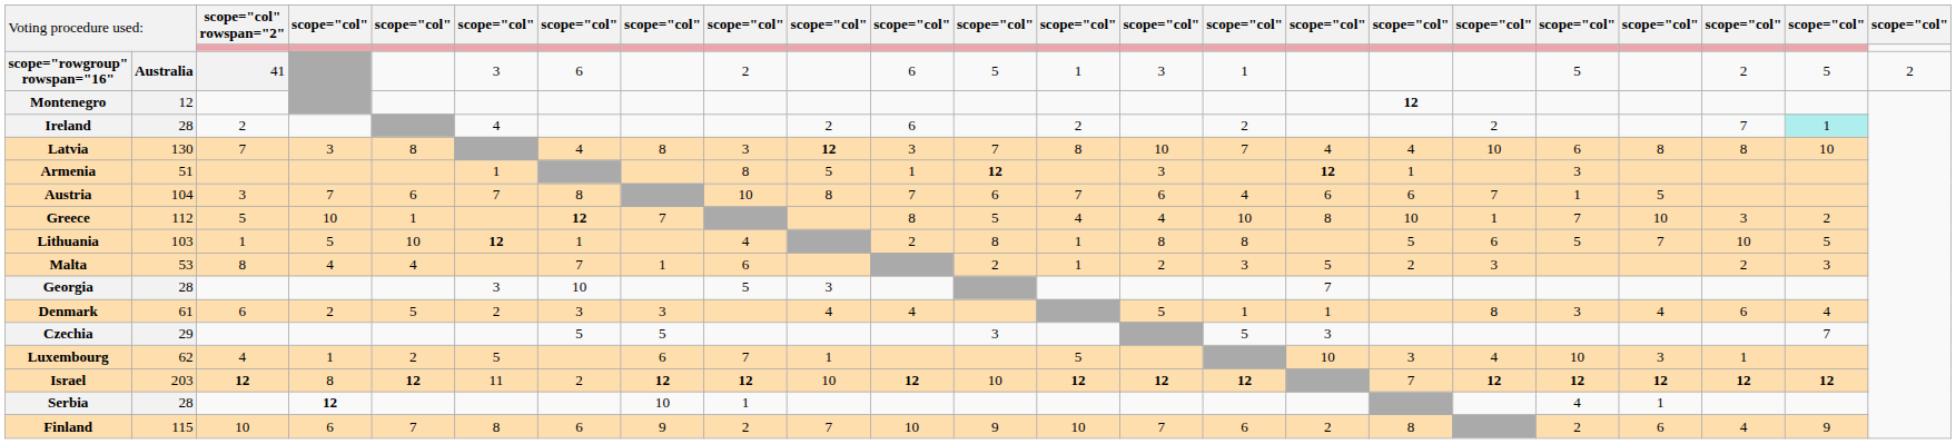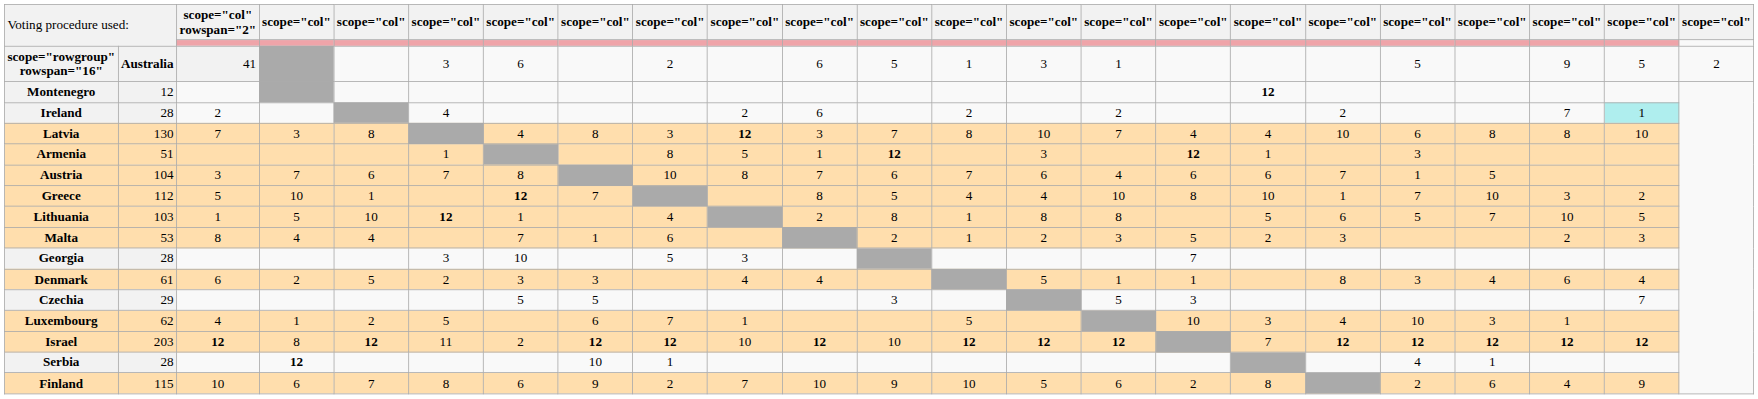 <table class="wikitable plainrowheaders" style="text-align: center;">
 <tr>
 <td colspan="2" rowspan="2" style="text-align: left; background: #F2F2F2;">Voting procedure used:<br></td>
 <th>scope="col" rowspan="2" </th>
 <th>scope="col" </th>
 <th>scope="col" </th>
 <th>scope="col" </th>
 <th>scope="col" </th>
 <th>scope="col" </th>
 <th>scope="col" </th>
 <th>scope="col" </th>
 <th>scope="col" </th>
 <th>scope="col" </th>
 <th>scope="col" </th>
 <th>scope="col" </th>
 <th>scope="col" </th>
 <th>scope="col" </th>
 <th>scope="col" </th>
 <th>scope="col" </th>
 <th>scope="col" </th>
 <th>scope="col" </th>
 <th>scope="col" </th>
 <th>scope="col" </th>
 <th>scope="col" </th>
 </tr>
 <tr>
 <td style="background: #EFA4A9;"></td>
 <td style="background: #EFA4A9;"></td>
 <td style="background: #EFA4A9;"></td>
 <td style="background: #EFA4A9;"></td>
 <td style="background: #EFA4A9;"></td>
 <td style="background: #EFA4A9;"></td>
 <td style="background: #EFA4A9;"></td>
 <td style="background: #EFA4A9;"></td>
 <td style="background: #EFA4A9;"></td>
 <td style="background: #EFA4A9;"></td>
 <td style="background: #EFA4A9;"></td>
 <td style="background: #EFA4A9;"></td>
 <td style="background: #EFA4A9;"></td>
 <td style="background: #EFA4A9;"></td>
 <td style="background: #EFA4A9;"></td>
 <td style="background: #EFA4A9;"></td>
 <td style="background: #EFA4A9;"></td>
 <td style="background: #EFA4A9;"></td>
 <td style="background: #EFA4A9;"></td>
 <td style="background: #EFA4A9;"></td>
 </tr>
 <tr>
 <th>scope="rowgroup" rowspan="16" </th>
 <th scope="row" style="background: #f2f2f2;">Australia</th>
 <td style="text-align: right; background: #f2f2f2;">41</td>
 <td style="background: #aaa;"></td>
 <td></td>
 <td>3</td>
 <td>6</td>
 <td></td>
 <td>2</td>
 <td></td>
 <td>6</td>
 <td>5</td>
 <td>1</td>
 <td>3</td>
 <td>1</td>
 <td></td>
 <td></td>
 <td></td>
 <td>5</td>
 <td></td>
-<td>2</td>
+<td>9</td>
 <td>5</td>
 <td>2</td>
 </tr>
 <tr>
 <th scope="row" style="background: #f2f2f2;">Montenegro</th>
 <td style="text-align: right; background: #f2f2f2;">12</td>
 <td></td>
 <td style="background: #aaa;"></td>
 <td></td>
 <td></td>
 <td></td>
 <td></td>
 <td></td>
 <td></td>
 <td></td>
 <td></td>
 <td></td>
 <td></td>
 <td></td>
 <td></td>
 <td><strong>12</strong></td>
 <td></td>
 <td></td>
 <td></td>
 <td></td>
 <td></td>
 </tr>
 <tr>
 <th scope="row" style="background: #f2f2f2;">Ireland</th>
 <td style="text-align: right; background: #f2f2f2;">28</td>
 <td>2</td>
 <td></td>
 <td style="background: #aaa;"></td>
 <td>4</td>
 <td></td>
 <td></td>
 <td></td>
 <td>2</td>
 <td>6</td>
 <td></td>
 <td>2</td>
 <td></td>
 <td>2</td>
 <td></td>
 <td></td>
 <td>2</td>
 <td></td>
 <td></td>
 <td>7</td>
 <td style="background: paleturquoise;">1</td>
 </tr>
 <tr style="background:#ffdead;">
 <th scope="row" style="background:#ffdead;">Latvia</th>
 <td style="text-align: right;">130</td>
 <td>7</td>
 <td>3</td>
 <td>8</td>
 <td style="background: #aaa;"></td>
 <td>4</td>
 <td>8</td>
 <td>3</td>
 <td><strong>12</strong></td>
 <td>3</td>
 <td>7</td>
 <td>8</td>
 <td>10</td>
 <td>7</td>
 <td>4</td>
 <td>4</td>
 <td>10</td>
 <td>6</td>
 <td>8</td>
 <td>8</td>
 <td>10</td>
 </tr>
 <tr style="background:#ffdead;">
 <th scope="row" style="background:#ffdead;">Armenia</th>
 <td style="text-align: right;">51</td>
 <td></td>
 <td></td>
 <td></td>
 <td>1</td>
 <td style="background: #aaa;"></td>
 <td></td>
 <td>8</td>
 <td>5</td>
 <td>1</td>
 <td><strong>12</strong></td>
 <td></td>
 <td>3</td>
 <td></td>
 <td><strong>12</strong></td>
 <td>1</td>
 <td></td>
 <td>3</td>
 <td></td>
 <td></td>
 <td></td>
 </tr>
 <tr style="background:#ffdead;">
 <th scope="row" style="background:#ffdead;">Austria</th>
 <td style="text-align: right;">104</td>
 <td>3</td>
 <td>7</td>
 <td>6</td>
 <td>7</td>
 <td>8</td>
 <td style="background: #aaa;"></td>
 <td>10</td>
 <td>8</td>
 <td>7</td>
 <td>6</td>
 <td>7</td>
 <td>6</td>
 <td>4</td>
 <td>6</td>
 <td>6</td>
 <td>7</td>
 <td>1</td>
 <td>5</td>
 <td></td>
 <td></td>
 </tr>
 <tr style="background:#ffdead;">
 <th scope="row" style="background:#ffdead;">Greece</th>
 <td style="text-align: right;">112</td>
 <td>5</td>
 <td>10</td>
 <td>1</td>
 <td></td>
 <td><strong>12</strong></td>
 <td>7</td>
 <td style="background: #aaa;"></td>
 <td></td>
 <td>8</td>
 <td>5</td>
 <td>4</td>
 <td>4</td>
 <td>10</td>
 <td>8</td>
 <td>10</td>
 <td>1</td>
 <td>7</td>
 <td>10</td>
 <td>3</td>
 <td>2</td>
 </tr>
 <tr style="background:#ffdead;">
 <th scope="row" style="background:#ffdead;">Lithuania</th>
 <td style="text-align: right;">103</td>
 <td>1</td>
 <td>5</td>
 <td>10</td>
 <td><strong>12</strong></td>
 <td>1</td>
 <td></td>
 <td>4</td>
 <td style="background: #aaa;"></td>
 <td>2</td>
 <td>8</td>
 <td>1</td>
 <td>8</td>
 <td>8</td>
 <td></td>
 <td>5</td>
 <td>6</td>
 <td>5</td>
 <td>7</td>
 <td>10</td>
 <td>5</td>
 </tr>
 <tr style="background:#ffdead;">
 <th scope="row" style="background:#ffdead;">Malta</th>
 <td style="text-align: right;">53</td>
 <td>8</td>
 <td>4</td>
 <td>4</td>
 <td></td>
 <td>7</td>
 <td>1</td>
 <td>6</td>
 <td></td>
 <td style="background: #aaa;"></td>
 <td>2</td>
 <td>1</td>
 <td>2</td>
 <td>3</td>
 <td>5</td>
 <td>2</td>
 <td>3</td>
 <td></td>
 <td></td>
 <td>2</td>
 <td>3</td>
 </tr>
 <tr>
 <th scope="row" style="background: #f2f2f2;">Georgia</th>
 <td style="text-align: right; background: #f2f2f2;">28</td>
 <td></td>
 <td></td>
 <td></td>
 <td>3</td>
 <td>10</td>
 <td></td>
 <td>5</td>
 <td>3</td>
 <td></td>
 <td style="background: #aaa;"></td>
 <td></td>
 <td></td>
 <td></td>
 <td>7</td>
 <td></td>
 <td></td>
 <td></td>
 <td></td>
 <td></td>
 <td></td>
 </tr>
 <tr style="background:#ffdead;">
 <th scope="row" style="background:#ffdead;">Denmark</th>
 <td style="text-align: right;">61</td>
 <td>6</td>
 <td>2</td>
 <td>5</td>
 <td>2</td>
 <td>3</td>
 <td>3</td>
 <td></td>
 <td>4</td>
 <td>4</td>
 <td></td>
 <td style="background: #aaa;"></td>
 <td>5</td>
 <td>1</td>
 <td>1</td>
 <td></td>
 <td>8</td>
 <td>3</td>
 <td>4</td>
 <td>6</td>
 <td>4</td>
 </tr>
 <tr>
 <th scope="row" style="background: #f2f2f2;">Czechia</th>
 <td style="text-align: right; background: #f2f2f2;">29</td>
 <td></td>
 <td></td>
 <td></td>
 <td></td>
 <td>5</td>
 <td>5</td>
 <td></td>
 <td></td>
 <td></td>
 <td>3</td>
 <td></td>
 <td style="background: #aaa;"></td>
 <td>5</td>
 <td>3</td>
 <td></td>
 <td></td>
 <td></td>
 <td></td>
 <td></td>
 <td>7</td>
 </tr>
 <tr style="background:#ffdead;">
 <th scope="row" style="background:#ffdead;">Luxembourg</th>
 <td style="text-align: right;">62</td>
 <td>4</td>
 <td>1</td>
 <td>2</td>
 <td>5</td>
 <td></td>
 <td>6</td>
 <td>7</td>
 <td>1</td>
 <td></td>
 <td></td>
 <td>5</td>
 <td></td>
 <td style="background: #aaa;"></td>
 <td>10</td>
 <td>3</td>
 <td>4</td>
 <td>10</td>
 <td>3</td>
 <td>1</td>
 <td></td>
 </tr>
 <tr style="background:#ffdead;">
 <th scope="row" style="background:#ffdead;">Israel</th>
 <td style="text-align: right;">203</td>
 <td><strong>12</strong></td>
 <td>8</td>
 <td><strong>12</strong></td>
 <td>11</td>
 <td>2</td>
 <td><strong>12</strong></td>
 <td><strong>12</strong></td>
 <td>10</td>
 <td><strong>12</strong></td>
 <td>10</td>
 <td><strong>12</strong></td>
 <td><strong>12</strong></td>
 <td><strong>12</strong></td>
 <td style="background: #aaa;"></td>
 <td>7</td>
 <td><strong>12</strong></td>
 <td><strong>12</strong></td>
 <td><strong>12</strong></td>
 <td><strong>12</strong></td>
 <td><strong>12</strong></td>
 </tr>
 <tr>
 <th scope="row" style="background: #f2f2f2;">Serbia</th>
 <td style="text-align: right; background: #f2f2f2;">28</td>
 <td></td>
 <td><strong>12</strong></td>
 <td></td>
 <td></td>
 <td></td>
 <td>10</td>
 <td>1</td>
 <td></td>
 <td></td>
 <td></td>
 <td></td>
 <td></td>
 <td></td>
 <td></td>
 <td style="background: #aaa;"></td>
 <td></td>
 <td>4</td>
 <td>1</td>
 <td></td>
 <td></td>
 </tr>
 <tr style="background:#ffdead;">
 <th scope="row" style="background:#ffdead;">Finland</th>
 <td style="text-align: right;">115</td>
 <td>10</td>
 <td>6</td>
 <td>7</td>
 <td>8</td>
 <td>6</td>
 <td>9</td>
 <td>2</td>
 <td>7</td>
 <td>10</td>
 <td>9</td>
 <td>10</td>
-<td>7</td>
+<td>5</td>
 <td>6</td>
 <td>2</td>
 <td>8</td>
 <td style="background: #aaa;"></td>
 <td>2</td>
 <td>6</td>
 <td>4</td>
 <td>9</td>
 </tr>
 </table>
